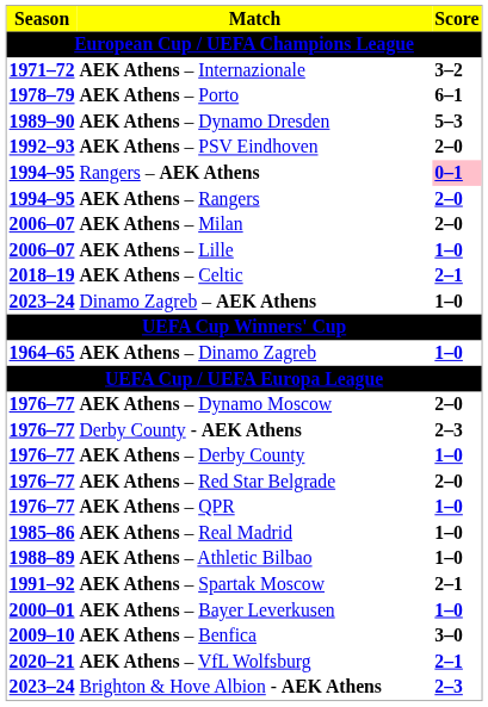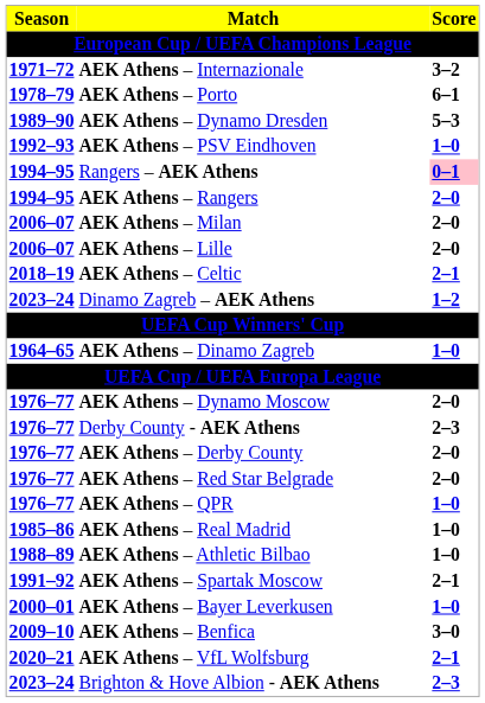 <table class="toccolours" border="0" cellpadding="2" cellspacing="0" align="center" style="margin: 0.5em 0 1em 1em; border: 1px #aaaaaa solid;">
 <tr bgcolor=#FFFF00>
 <th>Season</th>
 <th width=300>Match</th>
 <th>Score</th>
 </tr>
 <tr>
 <th colspan="4" bgcolor=#000000><a href='#'><span>European Cup / UEFA Champions League</span></a></th>
 </tr>
 <tr>
 <td><a href='#'><strong>1971–72</strong></a></td>
 <td><strong>AEK Athens</strong> –  <a href='#'>Internazionale</a></td>
 <td><strong>3–2</strong></td>
 </tr>
 <tr>
 <td><a href='#'><strong>1978–79</strong></a></td>
 <td><strong>AEK Athens</strong> –  <a href='#'>Porto</a></td>
 <td><strong>6–1</strong></td>
 </tr>
 <tr>
 <td><a href='#'><strong>1989–90</strong></a></td>
 <td><strong>AEK Athens</strong> –  <a href='#'>Dynamo Dresden</a></td>
 <td><strong>5–3</strong></td>
 </tr>
 <tr>
 <td><a href='#'><strong>1992–93</strong></a></td>
 <td><strong>AEK Athens</strong> –  <a href='#'>PSV Eindhoven</a></td>
-<td><strong>2–0</strong></td>
+<td><strong><a href='#'>1–0</a></strong></td>
 </tr>
 <tr>
 <td><a href='#'><strong>1994–95</strong></a></td>
 <td> <a href='#'>Rangers</a> – <strong>AEK Athens</strong></td>
 <td style="background: pink;"><strong><a href='#'>0–1</a></strong></td>
 </tr>
 <tr>
 <td><a href='#'><strong>1994–95</strong></a></td>
 <td><strong>AEK Athens</strong> –  <a href='#'>Rangers</a></td>
 <td><strong><a href='#'>2–0</a></strong></td>
 </tr>
 <tr>
 <td><a href='#'><strong>2006–07</strong></a></td>
 <td><strong>AEK Athens</strong> –  <a href='#'>Milan</a></td>
 <td><strong>2–0</strong></td>
 </tr>
 <tr>
 <td><a href='#'><strong>2006–07</strong></a></td>
 <td><strong>AEK Athens</strong> –  <a href='#'>Lille</a></td>
-<td><strong><a href='#'>1–0</a></strong></td>
+<td><strong>2–0</strong></td>
 </tr>
 <tr>
 <td><a href='#'><strong>2018–19</strong></a></td>
 <td><strong>AEK Athens</strong> –  <a href='#'>Celtic</a></td>
 <td><strong><a href='#'>2–1</a></strong></td>
 </tr>
 <tr>
 <td><a href='#'><strong>2023–24</strong></a></td>
 <td> <a href='#'>Dinamo Zagreb</a> – <strong>AEK Athens</strong></td>
-<td><strong>1–0</strong></td>
+<td><strong><a href='#'>1–2</a></strong></td>
 </tr>
 <tr>
 <th colspan="4" bgcolor=#000000><a href='#'><span>UEFA Cup Winners' Cup</span></a></th>
 </tr>
 <tr>
 <td><a href='#'><strong>1964–65</strong></a></td>
 <td><strong>AEK Athens</strong> –  <a href='#'>Dinamo Zagreb</a></td>
 <td><strong><a href='#'>1–0</a></strong></td>
 </tr>
 <tr>
 <th colspan="4" bgcolor=#000000><a href='#'><span>UEFA Cup / UEFA Europa League</span></a></th>
 </tr>
 <tr>
 <td><a href='#'><strong>1976–77</strong></a></td>
 <td><strong>AEK Athens</strong> –  <a href='#'>Dynamo Moscow</a></td>
 <td><strong>2–0</strong></td>
 </tr>
 <tr>
 <td><a href='#'><strong>1976–77</strong></a></td>
 <td> <a href='#'>Derby County</a> - <strong>AEK Athens</strong></td>
 <td><strong>2–3</strong></td>
 </tr>
 <tr>
 <td><a href='#'><strong>1976–77</strong></a></td>
 <td><strong>AEK Athens</strong> –  <a href='#'>Derby County</a></td>
-<td><strong><a href='#'>1–0</a></strong></td>
+<td><strong>2–0</strong></td>
 </tr>
 <tr>
 <td><a href='#'><strong>1976–77</strong></a></td>
 <td><strong>AEK Athens</strong> –  <a href='#'>Red Star Belgrade</a></td>
 <td><strong>2–0</strong></td>
 </tr>
 <tr>
 <td><a href='#'><strong>1976–77</strong></a></td>
 <td><strong>AEK Athens</strong> –  <a href='#'>QPR</a></td>
 <td><strong><a href='#'>1–0</a></strong></td>
 </tr>
 <tr>
 <td><a href='#'><strong>1985–86</strong></a></td>
 <td><strong>AEK Athens</strong> –  <a href='#'>Real Madrid</a></td>
 <td><strong>1–0</strong></td>
 </tr>
 <tr>
 <td><a href='#'><strong>1988–89</strong></a></td>
 <td><strong>AEK Athens</strong> –  <a href='#'>Athletic Bilbao</a></td>
 <td><strong>1–0</strong></td>
 </tr>
 <tr>
 <td><a href='#'><strong>1991–92</strong></a></td>
 <td><strong>AEK Athens</strong> –  <a href='#'>Spartak Moscow</a></td>
 <td><strong>2–1</strong></td>
 </tr>
 <tr>
 <td><a href='#'><strong>2000–01</strong></a></td>
 <td><strong>AEK Athens</strong> –  <a href='#'>Bayer Leverkusen</a></td>
 <td><strong><a href='#'>1–0</a></strong></td>
 </tr>
 <tr>
 <td><a href='#'><strong>2009–10</strong></a></td>
 <td><strong>AEK Athens</strong> –  <a href='#'>Benfica</a></td>
 <td><strong>3–0</strong></td>
 </tr>
 <tr>
 <td><a href='#'><strong>2020–21</strong></a></td>
 <td><strong>AEK Athens</strong> –  <a href='#'>VfL Wolfsburg</a></td>
 <td><strong><a href='#'>2–1</a></strong></td>
 </tr>
 <tr>
 <td><a href='#'><strong>2023–24</strong></a></td>
 <td> <a href='#'>Brighton & Hove Albion</a> - <strong>AEK Athens</strong></td>
 <td><strong><a href='#'>2–3</a></strong></td>
 </tr>
 </table>
